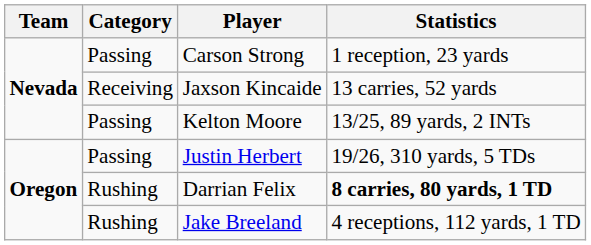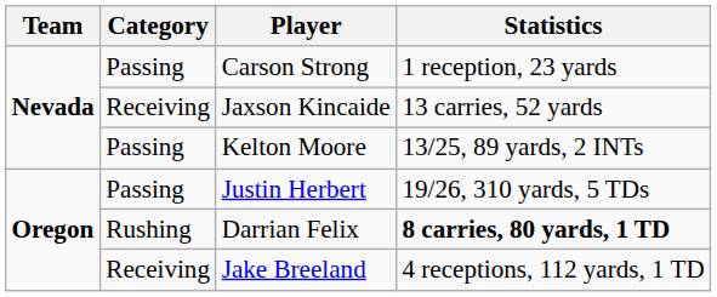 <table class="wikitable" style="float: left;">
 <tr>
 <th>Team</th>
 <th>Category</th>
 <th>Player</th>
 <th>Statistics</th>
 </tr>
 <tr>
 <td rowspan=3><strong>Nevada</strong></td>
 <td>Passing</td>
 <td>Carson Strong</td>
 <td>1 reception, 23 yards</td>
 </tr>
 <tr>
 <td>Receiving</td>
 <td>Jaxson Kincaide</td>
 <td>13 carries, 52 yards</td>
 </tr>
 <tr>
 <td>Passing</td>
 <td>Kelton Moore</td>
 <td>13/25, 89 yards, 2 INTs</td>
 </tr>
 <tr>
 <td rowspan=3><strong>Oregon</strong></td>
 <td>Passing</td>
 <td><a href='#'>Justin Herbert</a></td>
 <td>19/26, 310 yards, 5 TDs</td>
 </tr>
 <tr>
 <td>Rushing</td>
 <td>Darrian Felix</td>
 <td><strong>8 carries, 80 yards, 1 TD</strong></td>
 </tr>
 <tr>
-<td>Rushing</td>
+<td>Receiving</td>
 <td><a href='#'>Jake Breeland</a></td>
 <td>4 receptions, 112 yards, 1 TD</td>
 </tr>
 </table>
